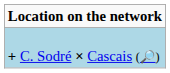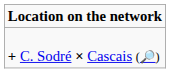 <table role="presentation" class="wikitable mw-collapsible mw-collapsed floatright">
 <tr>
 <td><strong>Location on the network</strong></td>
 </tr>
 <tr>
-<td style="background: lightblue;"><br><span><strong>+</strong> <a href='#'>C. Sodré</a></span> <span><strong>×</strong> <a href='#'>Cascais</a></span> <small>(<a href='#'>🔎</a>)</small></td>
+<td><br><span><strong>+</strong> <a href='#'>C. Sodré</a></span> <span><strong>×</strong> <a href='#'>Cascais</a></span> <small>(<a href='#'>🔎</a>)</small></td>
 </tr>
 </table>
